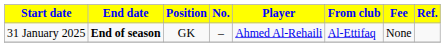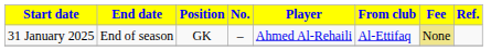 <table class="wikitable sortable">
 <tr>
 <th style="background:yellow; color:blue;"><strong>Start date</strong></th>
 <th style="background:yellow; color:blue;"><strong>End date</strong></th>
 <th style="background:yellow; color:blue;"><strong>Position</strong></th>
 <th style="background:yellow; color:blue;"><strong>No.</strong></th>
 <th style="background:yellow; color:blue;"><strong>Player</strong></th>
 <th style="background:yellow; color:blue;"><strong>From club</strong></th>
 <th style="background:yellow; color:blue;"><strong>Fee</strong></th>
 <th style="background:yellow; color:blue;"><strong>Ref.</strong></th>
 </tr>
 <tr>
 <td>31 January 2025</td>
-<td><strong>End of season</strong></td>
+<td>End of season</td>
 <td style="text-align:center;">GK</td>
 <td style="text-align:center;">–</td>
 <td style="text-align:left;"> <a href='#'>Ahmed Al-Rehaili</a></td>
 <td style="text-align:left;"> <a href='#'>Al-Ettifaq</a></td>
-<td>None</td>
+<td style="background: khaki;">None</td>
 <td></td>
 </tr>
 <tr>
 </tr>
 </table>
